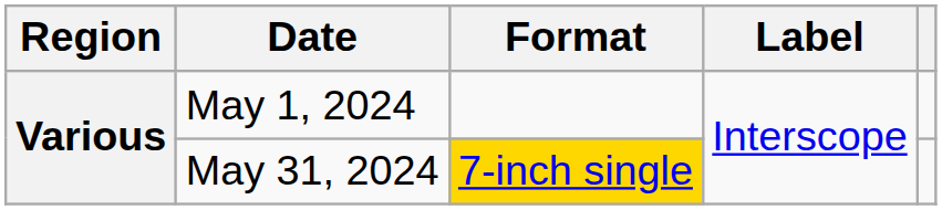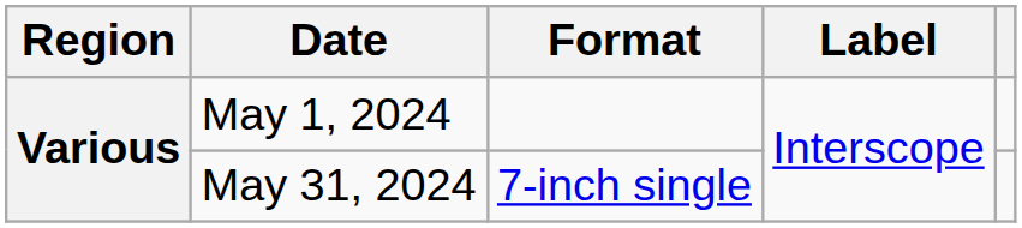 <table class="wikitable plainrowheaders">
 <tr>
 <th scope="col">Region</th>
 <th scope="col">Date</th>
 <th scope="col">Format</th>
 <th scope="col">Label</th>
 <th scope="col"></th>
 </tr>
 <tr>
 <th rowspan="2" scope="row">Various</th>
 <td>May 1, 2024</td>
 <td></td>
 <td rowspan="2"><a href='#'>Interscope</a></td>
 <td></td>
 </tr>
 <tr>
 <td>May 31, 2024</td>
-<td style="background: gold;"><a href='#'>7-inch single</a></td>
+<td><a href='#'>7-inch single</a></td>
 <td></td>
 </tr>
 </table>
